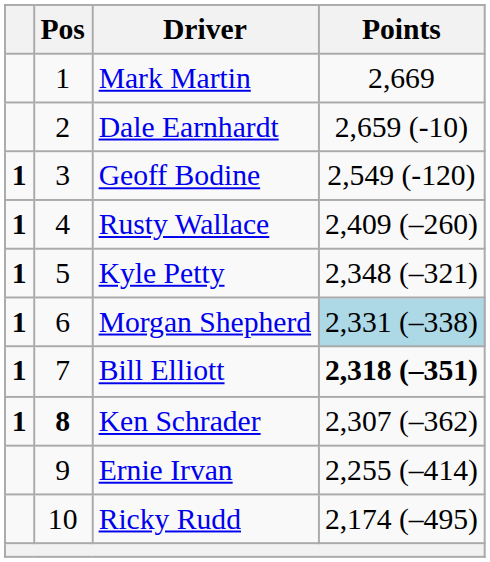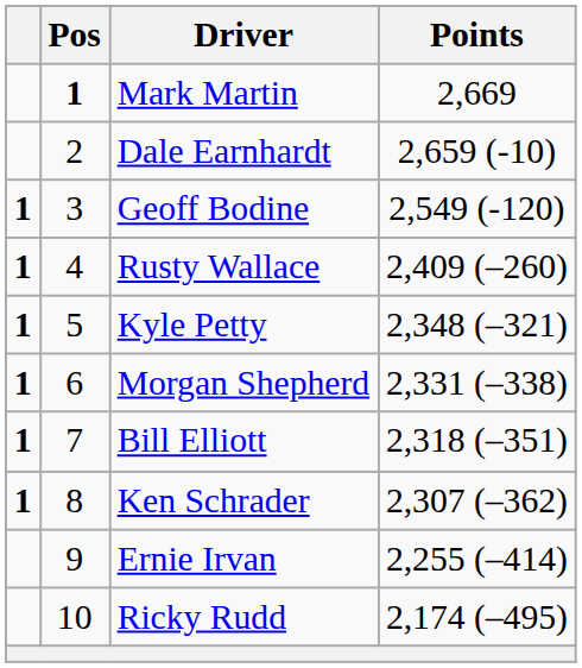 <table class="wikitable" style="font-size: 95%;">
 <tr>
 <th></th>
 <th>Pos</th>
 <th>Driver</th>
 <th>Points</th>
 </tr>
 <tr>
 <td align="left"></td>
-<td style="text-align:center;">1</td>
+<td style="text-align:center;"><strong>1</strong></td>
 <td><a href='#'>Mark Martin</a></td>
 <td style="text-align:center;">2,669</td>
 </tr>
 <tr>
 <td align="left"></td>
 <td style="text-align:center;">2</td>
 <td><a href='#'>Dale Earnhardt</a></td>
 <td style="text-align:center;">2,659 (-10)</td>
 </tr>
 <tr>
 <td align="left">  <strong>1</strong></td>
 <td style="text-align:center;">3</td>
 <td><a href='#'>Geoff Bodine</a></td>
 <td style="text-align:center;">2,549 (-120)</td>
 </tr>
 <tr>
 <td align="left">  <strong>1</strong></td>
 <td style="text-align:center;">4</td>
 <td><a href='#'>Rusty Wallace</a></td>
 <td style="text-align:center;">2,409 (–260)</td>
 </tr>
 <tr>
 <td align="left">  <strong>1</strong></td>
 <td style="text-align:center;">5</td>
 <td><a href='#'>Kyle Petty</a></td>
 <td style="text-align:center;">2,348 (–321)</td>
 </tr>
 <tr>
 <td align="left">  <strong>1</strong></td>
 <td style="text-align:center;">6</td>
 <td><a href='#'>Morgan Shepherd</a></td>
-<td style="background: lightblue; text-align:center;">2,331 (–338)</td>
+<td style="text-align:center;">2,331 (–338)</td>
 </tr>
 <tr>
 <td align="left">  <strong>1</strong></td>
 <td style="text-align:center;">7</td>
 <td><a href='#'>Bill Elliott</a></td>
-<td style="text-align:center;"><strong>2,318 (–351)</strong></td>
+<td style="text-align:center;">2,318 (–351)</td>
 </tr>
 <tr>
 <td align="left">  <strong>1</strong></td>
-<td style="text-align:center;"><strong>8</strong></td>
+<td style="text-align:center;">8</td>
 <td><a href='#'>Ken Schrader</a></td>
 <td style="text-align:center;">2,307 (–362)</td>
 </tr>
 <tr>
 <td align="left"></td>
 <td style="text-align:center;">9</td>
 <td><a href='#'>Ernie Irvan</a></td>
 <td style="text-align:center;">2,255 (–414)</td>
 </tr>
 <tr>
 <td align="left"></td>
 <td style="text-align:center;">10</td>
 <td><a href='#'>Ricky Rudd</a></td>
 <td style="text-align:center;">2,174 (–495)</td>
 </tr>
 <tr class="sortbottom">
 <th colspan="9"></th>
 </tr>
 </table>
